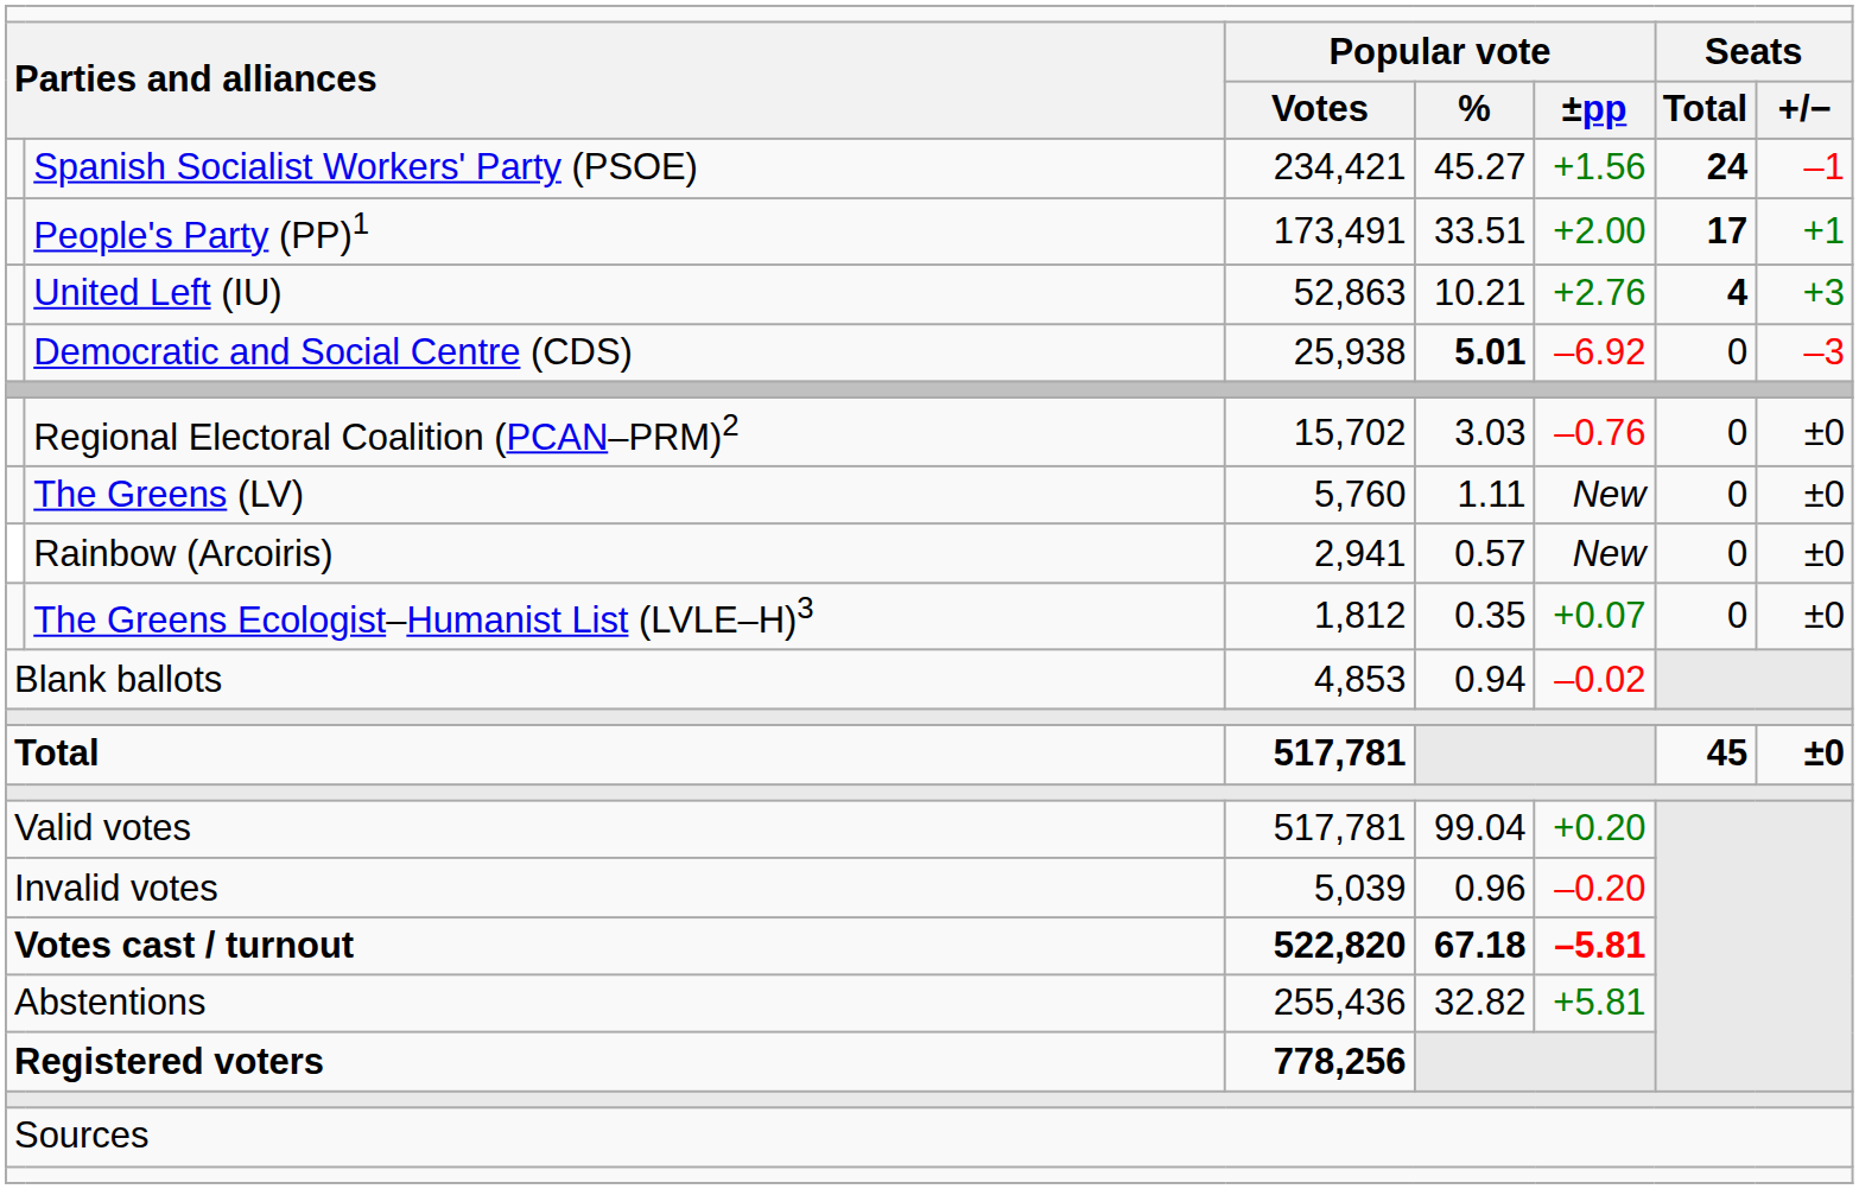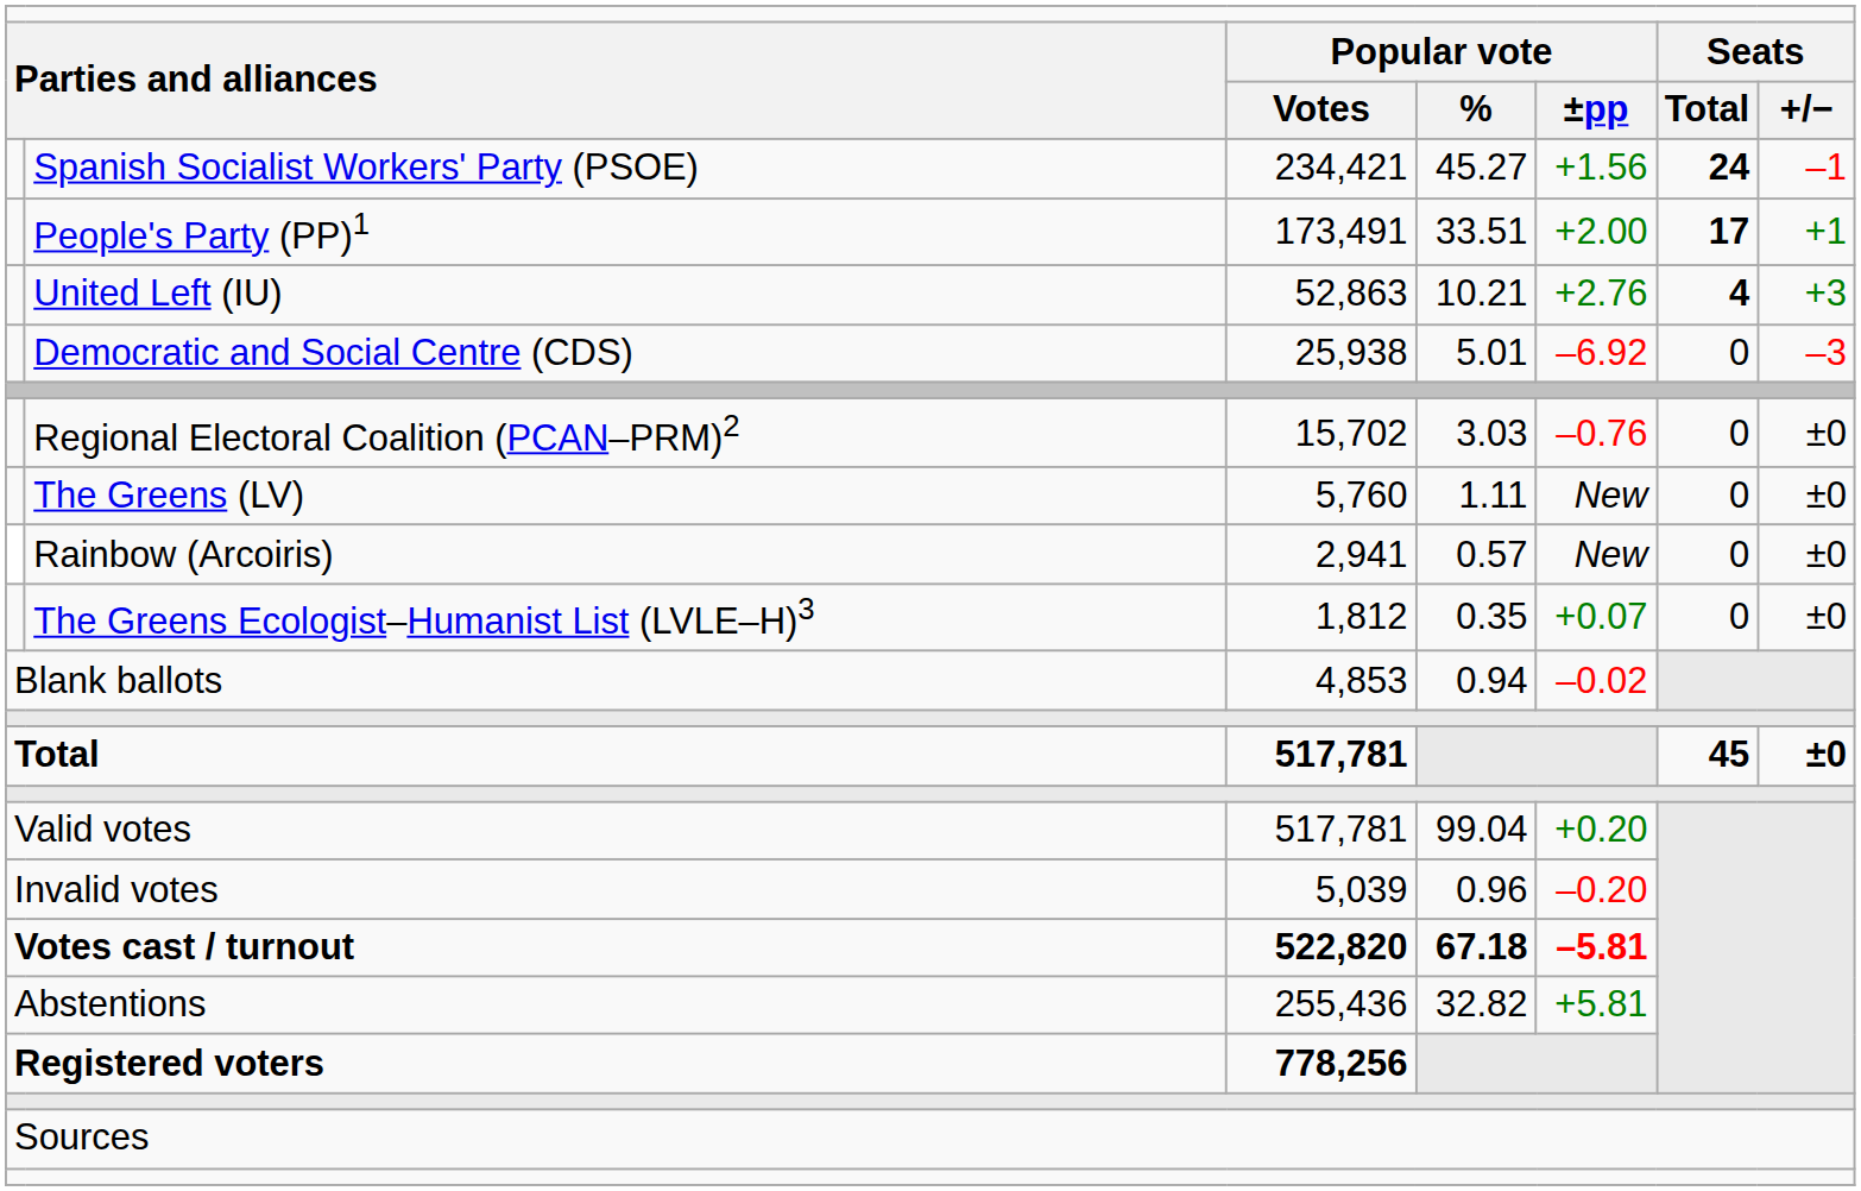 <table class="wikitable" style="text-align:right;">
 <tr>
 <td colspan="7"></td>
 </tr>
 <tr>
 <th style="text-align:left;" rowspan="2" colspan="2" width="525">Parties and alliances</th>
 <th colspan="3">Popular vote</th>
 <th colspan="2">Seats</th>
 </tr>
 <tr>
 <th width="75">Votes</th>
 <th width="45">%</th>
 <th width="45">±<a href='#'>pp</a></th>
 <th width="35">Total</th>
 <th width="35">+/−</th>
 </tr>
 <tr>
 <td width="1" style="color:inherit;background:"></td>
 <td align="left"><a href='#'>Spanish Socialist Workers' Party</a> (PSOE)</td>
 <td>234,421</td>
 <td>45.27</td>
 <td style="color:green;">+1.56</td>
 <td><strong>24</strong></td>
 <td style="color:red;">–1</td>
 </tr>
 <tr>
 <td style="color:inherit;background:"></td>
 <td align="left"><a href='#'>People's Party</a> (PP)<sup>1</sup></td>
 <td>173,491</td>
 <td>33.51</td>
 <td style="color:green;">+2.00</td>
 <td><strong>17</strong></td>
 <td style="color:green;">+1</td>
 </tr>
 <tr>
 <td style="color:inherit;background:"></td>
 <td align="left"><a href='#'>United Left</a> (IU)</td>
 <td>52,863</td>
 <td>10.21</td>
 <td style="color:green;">+2.76</td>
 <td><strong>4</strong></td>
 <td style="color:green;">+3</td>
 </tr>
 <tr>
 <td style="color:inherit;background:"></td>
 <td align="left"><a href='#'>Democratic and Social Centre</a> (CDS)</td>
 <td>25,938</td>
-<td><strong>5.01</strong></td>
+<td>5.01</td>
 <td style="color:red;">–6.92</td>
 <td>0</td>
 <td style="color:red;">–3</td>
 </tr>
 <tr>
 <td colspan="7" bgcolor="#C0C0C0"></td>
 </tr>
 <tr>
 <td style="color:inherit;background:"></td>
 <td align="left">Regional Electoral Coalition (<a href='#'>PCAN</a>–PRM)<sup>2</sup></td>
 <td>15,702</td>
 <td>3.03</td>
 <td style="color:red;">–0.76</td>
 <td>0</td>
 <td>±0</td>
 </tr>
 <tr>
 <td style="color:inherit;background:"></td>
 <td align="left"><a href='#'>The Greens</a> (LV)</td>
 <td>5,760</td>
 <td>1.11</td>
 <td><em>New</em></td>
 <td>0</td>
 <td>±0</td>
 </tr>
 <tr>
 <td bgcolor="white"></td>
 <td align="left">Rainbow (Arcoiris)</td>
 <td>2,941</td>
 <td>0.57</td>
 <td><em>New</em></td>
 <td>0</td>
 <td>±0</td>
 </tr>
 <tr>
 <td style="color:inherit;background:"></td>
 <td align="left"><a href='#'>The Greens Ecologist</a>–<a href='#'>Humanist List</a> (LVLE–H)<sup>3</sup></td>
 <td>1,812</td>
 <td>0.35</td>
 <td style="color:green;">+0.07</td>
 <td>0</td>
 <td>±0</td>
 </tr>
 <tr>
 <td align="left" colspan="2">Blank ballots</td>
 <td>4,853</td>
 <td>0.94</td>
 <td style="color:red;">–0.02</td>
 <td bgcolor="#E9E9E9" colspan="2"></td>
 </tr>
 <tr>
 <td colspan="7" bgcolor="#E9E9E9"></td>
 </tr>
 <tr style="font-weight:bold;">
 <td align="left" colspan="2">Total</td>
 <td>517,781</td>
 <td bgcolor="#E9E9E9" colspan="2"></td>
 <td>45</td>
 <td>±0</td>
 </tr>
 <tr>
 <td colspan="7" bgcolor="#E9E9E9"></td>
 </tr>
 <tr>
 <td align="left" colspan="2">Valid votes</td>
 <td>517,781</td>
 <td>99.04</td>
 <td style="color:green;">+0.20</td>
 <td bgcolor="#E9E9E9" colspan="2" rowspan="5"></td>
 </tr>
 <tr>
 <td align="left" colspan="2">Invalid votes</td>
 <td>5,039</td>
 <td>0.96</td>
 <td style="color:red;">–0.20</td>
 </tr>
 <tr style="font-weight:bold;">
 <td align="left" colspan="2">Votes cast / turnout</td>
 <td>522,820</td>
 <td>67.18</td>
 <td style="color:red;">–5.81</td>
 </tr>
 <tr>
 <td align="left" colspan="2">Abstentions</td>
 <td>255,436</td>
 <td>32.82</td>
 <td style="color:green;">+5.81</td>
 </tr>
 <tr style="font-weight:bold;">
 <td align="left" colspan="2">Registered voters</td>
 <td>778,256</td>
 <td bgcolor="#E9E9E9" colspan="2"></td>
 </tr>
 <tr>
 <td colspan="7" bgcolor="#E9E9E9"></td>
 </tr>
 <tr>
 <td align="left" colspan="7">Sources</td>
 </tr>
 <tr>
 <td colspan="7" style="text-align:left; max-width:790px;"></td>
 </tr>
 </table>
